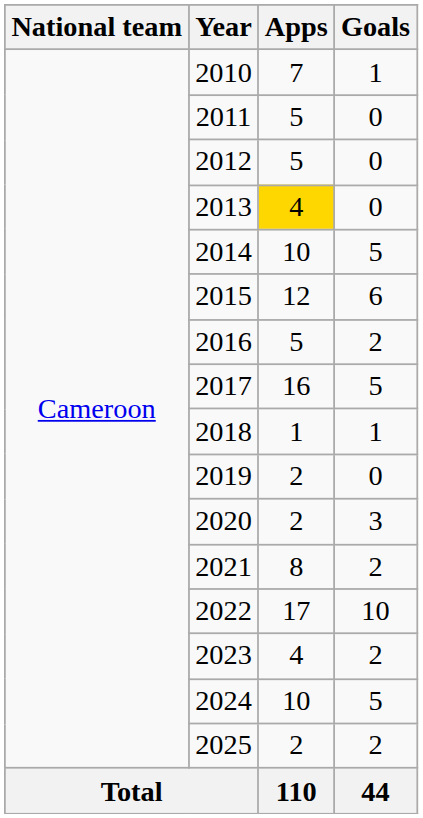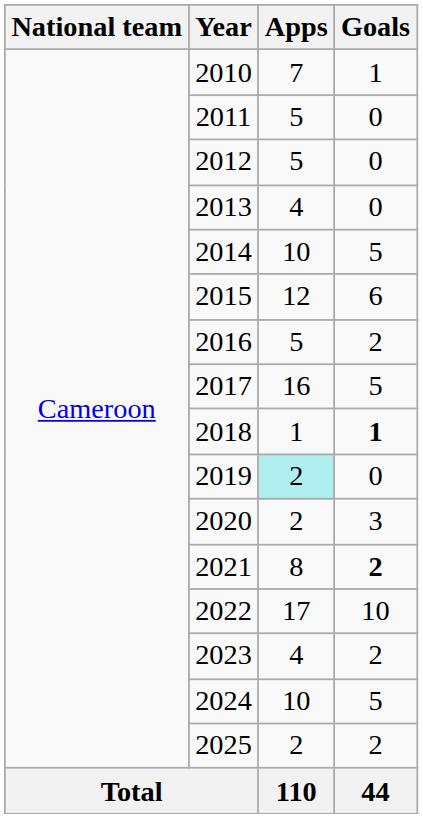 <table class="wikitable" style="text-align:center">
 <tr>
 <th>National team</th>
 <th>Year</th>
 <th>Apps</th>
 <th>Goals</th>
 </tr>
 <tr>
 <td rowspan="16"><a href='#'>Cameroon</a></td>
 <td>2010</td>
 <td>7</td>
 <td>1</td>
 </tr>
 <tr>
 <td>2011</td>
 <td>5</td>
 <td>0</td>
 </tr>
 <tr>
 <td>2012</td>
 <td>5</td>
 <td>0</td>
 </tr>
 <tr>
 <td>2013</td>
-<td style="background: gold;">4</td>
+<td>4</td>
 <td>0</td>
 </tr>
 <tr>
 <td>2014</td>
 <td>10</td>
 <td>5</td>
 </tr>
 <tr>
 <td>2015</td>
 <td>12</td>
 <td>6</td>
 </tr>
 <tr>
 <td>2016</td>
 <td>5</td>
 <td>2</td>
 </tr>
 <tr>
 <td>2017</td>
 <td>16</td>
 <td>5</td>
 </tr>
 <tr>
 <td>2018</td>
 <td>1</td>
-<td>1</td>
+<td><strong>1</strong></td>
 </tr>
 <tr>
 <td>2019</td>
-<td>2</td>
+<td style="background: paleturquoise;">2</td>
 <td>0</td>
 </tr>
 <tr>
 <td>2020</td>
 <td>2</td>
 <td>3</td>
 </tr>
 <tr>
 <td>2021</td>
 <td>8</td>
-<td>2</td>
+<td><strong>2</strong></td>
 </tr>
 <tr>
 <td>2022</td>
 <td>17</td>
 <td>10</td>
 </tr>
 <tr>
 <td>2023</td>
 <td>4</td>
 <td>2</td>
 </tr>
 <tr>
 <td>2024</td>
 <td>10</td>
 <td>5</td>
 </tr>
 <tr>
 <td>2025</td>
 <td>2</td>
 <td>2</td>
 </tr>
 <tr>
 <th colspan="2">Total</th>
 <th>110</th>
 <th>44</th>
 </tr>
 </table>
